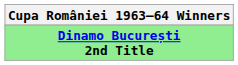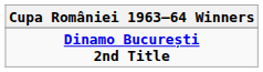 <table class="wikitable" style="text-align: center; margin: 0 auto;">
 <tr>
 <th>Cupa României 1963–64 Winners</th>
 </tr>
 <tr>
 </tr>
 <tr>
-<td style="background: lightgreen;"><strong><a href='#'>Dinamo București</a></strong><br><strong>2nd Title</strong></td>
+<td><strong><a href='#'>Dinamo București</a></strong><br><strong>2nd Title</strong></td>
 </tr>
 </table>
